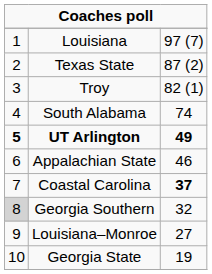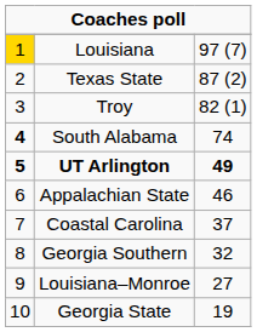 <table class="wikitable">
 <tr align="center">
 <td align="center" Colspan="3"><strong>Coaches poll</strong></td>
 </tr>
 <tr align="center">
 </tr>
 <tr align="center">
-<td>1</td>
+<td style="background: gold;">1</td>
 <td>Louisiana</td>
 <td>97 (7)</td>
 </tr>
 <tr align="center">
 <td>2</td>
 <td>Texas State</td>
 <td>87 (2)</td>
 </tr>
 <tr align="center">
 <td>3</td>
 <td>Troy</td>
 <td>82 (1)</td>
 </tr>
 <tr align="center">
-<td>4</td>
+<td><strong>4</strong></td>
 <td>South Alabama</td>
 <td>74</td>
 </tr>
 <tr align="center">
 <td><strong>5</strong></td>
 <td><strong>UT Arlington</strong></td>
 <td><strong>49</strong></td>
 </tr>
 <tr align="center">
 <td>6</td>
 <td>Appalachian State</td>
 <td>46</td>
 </tr>
 <tr align="center">
 <td>7</td>
 <td>Coastal Carolina</td>
-<td><strong>37</strong></td>
+<td>37</td>
 </tr>
 <tr align="center">
-<td style="background: lightgrey;">8</td>
+<td>8</td>
 <td>Georgia Southern</td>
 <td>32</td>
 </tr>
 <tr align="center">
 <td>9</td>
 <td>Louisiana–Monroe</td>
 <td>27</td>
 </tr>
 <tr align="center">
 <td>10</td>
 <td>Georgia State</td>
 <td>19</td>
 </tr>
 <tr align="center">
 </tr>
 </table>
